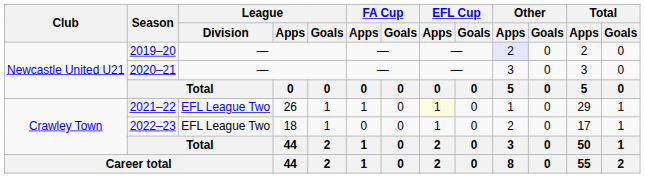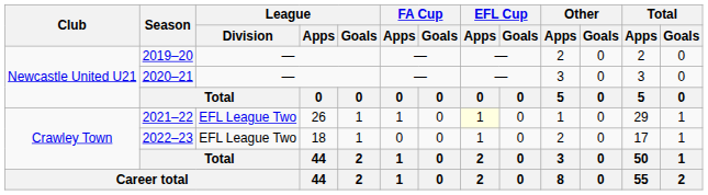 <table class="wikitable" style="text-align:center">
 <tr>
 <th rowspan="2">Club</th>
 <th rowspan="2">Season</th>
 <th colspan="3">League</th>
 <th colspan="2"><a href='#'>FA Cup</a></th>
 <th colspan="2"><a href='#'>EFL Cup</a></th>
 <th colspan="2">Other</th>
 <th colspan="2">Total</th>
 </tr>
 <tr>
 <th>Division</th>
 <th>Apps</th>
 <th>Goals</th>
 <th>Apps</th>
 <th>Goals</th>
 <th>Apps</th>
 <th>Goals</th>
 <th>Apps</th>
 <th>Goals</th>
 <th>Apps</th>
 <th>Goals</th>
 </tr>
 <tr>
 <td rowspan="3"><a href='#'>Newcastle United U21</a></td>
 <td><a href='#'>2019–20</a></td>
 <td colspan="3">—</td>
 <td colspan="2">—</td>
 <td colspan="2">—</td>
-<td style="background: lavender;">2</td>
+<td>2</td>
 <td>0</td>
 <td>2</td>
 <td>0</td>
 </tr>
 <tr>
 <td><a href='#'>2020–21</a></td>
 <td colspan="3">—</td>
 <td colspan="2">—</td>
 <td colspan="2">—</td>
 <td>3</td>
 <td>0</td>
 <td>3</td>
 <td>0</td>
 </tr>
 <tr>
 <th colspan="2">Total</th>
 <th>0</th>
 <th>0</th>
 <th>0</th>
 <th>0</th>
 <th>0</th>
 <th>0</th>
 <th>5</th>
 <th>0</th>
 <th>5</th>
 <th>0</th>
 </tr>
 <tr>
 <td rowspan="3"><a href='#'>Crawley Town</a></td>
 <td><a href='#'>2021–22</a></td>
 <td><a href='#'>EFL League Two</a></td>
 <td>26</td>
 <td>1</td>
 <td>1</td>
 <td>0</td>
 <td style="background: lightyellow;">1</td>
 <td>0</td>
 <td>1</td>
 <td>0</td>
 <td>29</td>
 <td>1</td>
 </tr>
 <tr>
 <td><a href='#'>2022–23</a></td>
 <td>EFL League Two</td>
 <td>18</td>
 <td>1</td>
 <td>0</td>
 <td>0</td>
 <td>1</td>
 <td>0</td>
 <td>2</td>
 <td>0</td>
 <td>17</td>
 <td>1</td>
 </tr>
 <tr>
 <th colspan="2">Total</th>
 <th>44</th>
 <th>2</th>
 <th>1</th>
 <th>0</th>
 <th>2</th>
 <th>0</th>
 <th>3</th>
 <th>0</th>
 <th>50</th>
 <th>1</th>
 </tr>
 <tr>
 <th colspan="3">Career total</th>
 <th>44</th>
 <th>2</th>
 <th>1</th>
 <th>0</th>
 <th>2</th>
 <th>0</th>
 <th>8</th>
 <th>0</th>
 <th>55</th>
 <th>2</th>
 </tr>
 </table>
